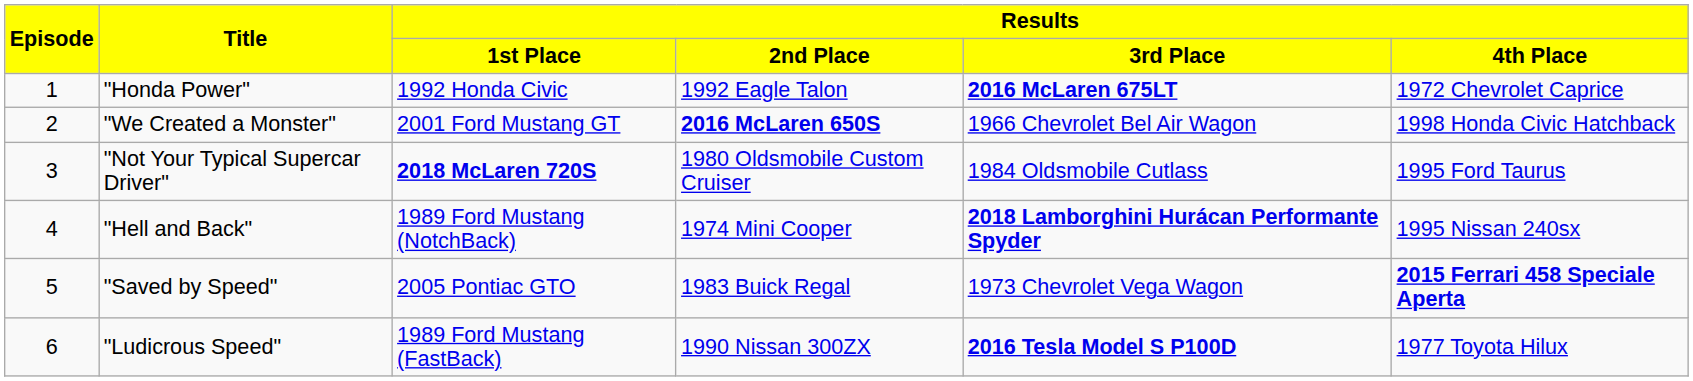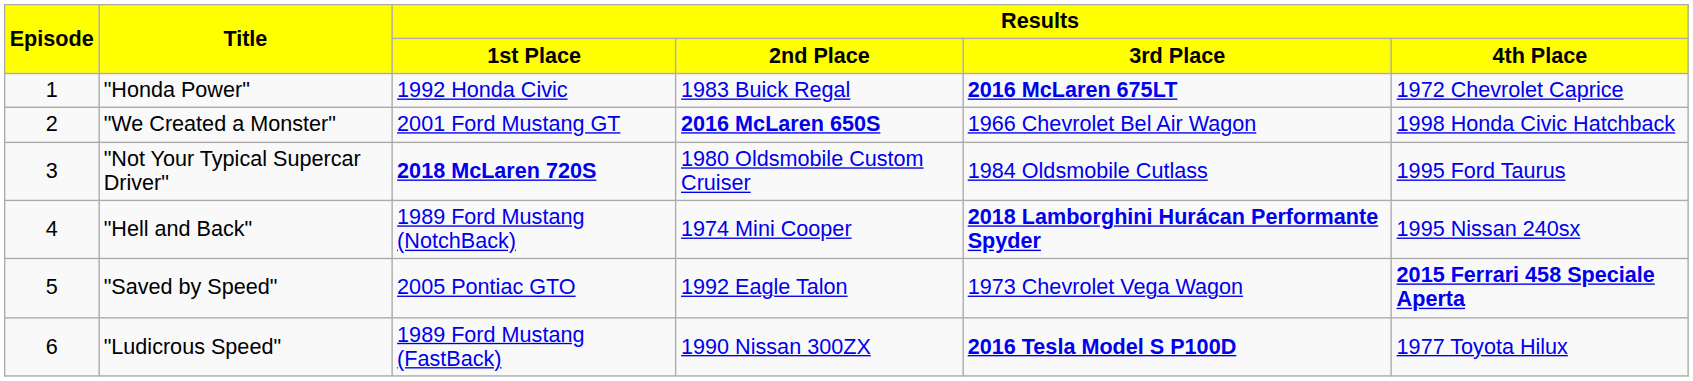 <table class="wikitable">
 <tr>
 <th rowspan="2" ! style="background:#FFFF00; color:#000000">Episode</th>
 <th rowspan="2" ! style="background:#FFFF00; color:#000000">Title</th>
 <th colspan="4" ! style="background:#FFFF00; color:#000000">Results</th>
 </tr>
 <tr>
 <th style="background:#FFFF00; color:#000000">1st Place</th>
 <th style="background:#FFFF00; color:#000000">2nd Place</th>
 <th style="background:#FFFF00; color:#000000">3rd Place</th>
 <th style="background:#FFFF00; color:#000000">4th Place</th>
 </tr>
 <tr>
 <td style="text-align:center">1</td>
 <td>"Honda Power"</td>
 <td><a href='#'>1992 Honda Civic</a></td>
-<td><a href='#'>1992 Eagle Talon</a></td>
+<td><a href='#'>1983 Buick Regal</a></td>
 <td><strong><a href='#'>2016 McLaren 675LT</a></strong></td>
 <td><a href='#'>1972 Chevrolet Caprice</a></td>
 </tr>
 <tr>
 <td style="text-align:center">2</td>
 <td>"We Created a Monster"</td>
 <td><a href='#'>2001 Ford Mustang GT</a></td>
 <td><strong><a href='#'>2016 McLaren 650S</a></strong></td>
 <td><a href='#'>1966 Chevrolet Bel Air Wagon</a></td>
 <td><a href='#'>1998 Honda Civic Hatchback</a></td>
 </tr>
 <tr>
 <td style="text-align:center">3</td>
 <td>"Not Your Typical Supercar Driver"</td>
 <td><strong><a href='#'>2018 McLaren 720S</a></strong></td>
 <td><a href='#'>1980 Oldsmobile  Custom Cruiser</a></td>
 <td><a href='#'>1984 Oldsmobile Cutlass</a></td>
 <td><a href='#'>1995 Ford Taurus</a></td>
 </tr>
 <tr>
 <td style="text-align:center">4</td>
 <td>"Hell and Back"</td>
 <td><a href='#'>1989 Ford Mustang (NotchBack)</a></td>
 <td><a href='#'>1974 Mini Cooper</a></td>
 <td><strong><a href='#'>2018 Lamborghini Hurácan Performante Spyder</a></strong></td>
 <td><a href='#'>1995 Nissan 240sx</a></td>
 </tr>
 <tr>
 <td style="text-align:center">5</td>
 <td>"Saved by Speed"</td>
 <td><a href='#'>2005 Pontiac GTO</a></td>
-<td><a href='#'>1983 Buick Regal</a></td>
+<td><a href='#'>1992 Eagle Talon</a></td>
 <td><a href='#'>1973 Chevrolet Vega Wagon</a></td>
 <td><strong><a href='#'>2015 Ferrari 458 Speciale Aperta</a></strong></td>
 </tr>
 <tr>
 <td style="text-align:center">6</td>
 <td>"Ludicrous Speed"</td>
 <td><a href='#'>1989 Ford Mustang (FastBack)</a></td>
 <td><a href='#'>1990 Nissan 300ZX</a></td>
 <td><strong><a href='#'>2016 Tesla Model S P100D</a></strong></td>
 <td><a href='#'>1977 Toyota Hilux</a></td>
 </tr>
 </table>
